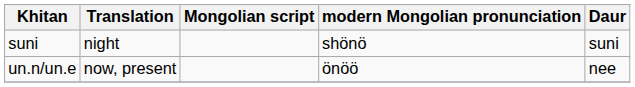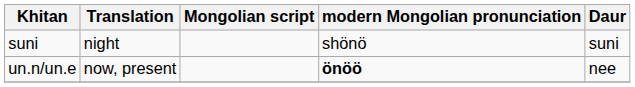 <table class="wikitable">
 <tr>
 <th>Khitan</th>
 <th>Translation</th>
 <th>Mongolian script</th>
 <th>modern Mongolian pronunciation</th>
 <th>Daur</th>
 </tr>
 <tr>
 <td>suni</td>
 <td>night</td>
 <td><em></em></td>
 <td>shönö</td>
 <td>suni</td>
 </tr>
 <tr>
 <td>un.n/un.e</td>
 <td>now, present</td>
 <td><em></em></td>
-<td>önöö</td>
+<td><strong>önöö</strong></td>
 <td>nee</td>
 </tr>
 <tr>
 </tr>
 </table>
